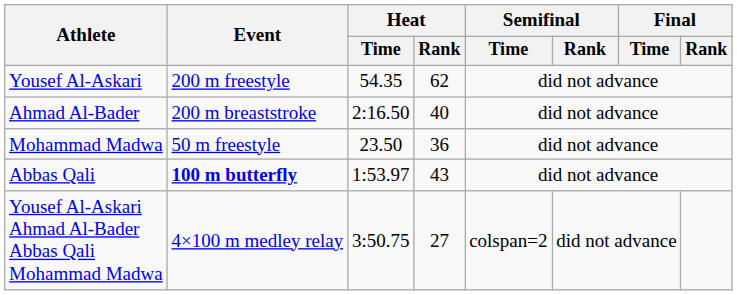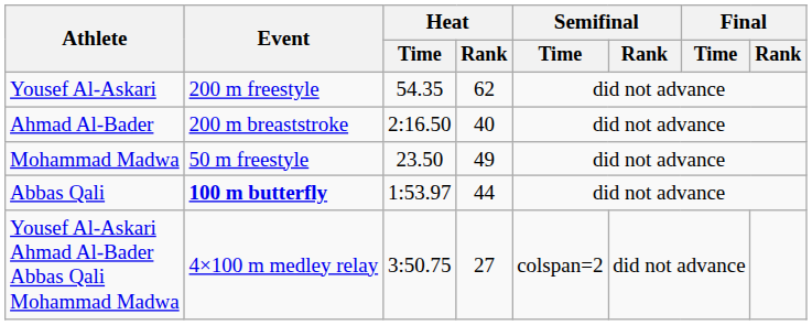 <table class=wikitable style="font-size:90%">
 <tr>
 <th rowspan="2">Athlete</th>
 <th rowspan="2">Event</th>
 <th colspan="2">Heat</th>
 <th colspan="2">Semifinal</th>
 <th colspan="2">Final</th>
 </tr>
 <tr style="font-size:95%">
 <th>Time</th>
 <th>Rank</th>
 <th>Time</th>
 <th>Rank</th>
 <th>Time</th>
 <th>Rank</th>
 </tr>
 <tr align=center>
 <td align=left><a href='#'>Yousef Al-Askari</a></td>
 <td align=left><a href='#'>200 m freestyle</a></td>
 <td>54.35</td>
 <td>62</td>
 <td colspan=4>did not advance</td>
 </tr>
 <tr align=center>
 <td align=left><a href='#'>Ahmad Al-Bader</a></td>
 <td align=left><a href='#'>200 m breaststroke</a></td>
 <td>2:16.50</td>
 <td>40</td>
 <td colspan=4>did not advance</td>
 </tr>
 <tr align=center>
 <td align=left><a href='#'>Mohammad Madwa</a></td>
 <td align=left><a href='#'>50 m freestyle</a></td>
 <td>23.50</td>
-<td>36</td>
+<td>49</td>
 <td colspan=4>did not advance</td>
 </tr>
 <tr align=center>
 <td align=left><a href='#'>Abbas Qali</a></td>
 <td align=left><strong><a href='#'>100 m butterfly</a></strong></td>
 <td>1:53.97</td>
-<td>43</td>
+<td>44</td>
 <td colspan=4>did not advance</td>
 </tr>
 <tr align=center>
 <td align=left><a href='#'>Yousef Al-Askari</a><br><a href='#'>Ahmad Al-Bader</a><br><a href='#'>Abbas Qali</a><br><a href='#'>Mohammad Madwa</a></td>
 <td align=left><a href='#'>4×100 m medley relay</a></td>
 <td>3:50.75</td>
 <td>27</td>
 <td>colspan=2 </td>
 <td colspan=2>did not advance</td>
 </tr>
 </table>
